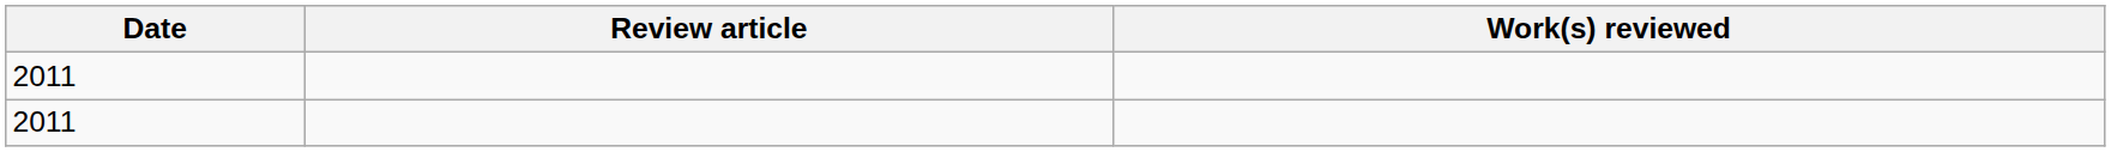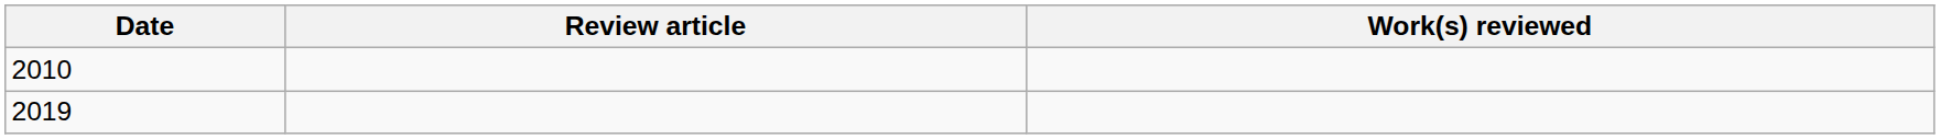 <table class='wikitable sortable' width='90%'>
 <tr>
 <th>Date</th>
 <th class='unsortable'>Review article</th>
 <th class='unsortable'>Work(s) reviewed</th>
 </tr>
 <tr>
-<td>2011</td>
+<td>2010</td>
 <td></td>
 <td></td>
 </tr>
 <tr>
-<td>2011</td>
+<td>2019</td>
 <td></td>
 <td></td>
 </tr>
 </table>
